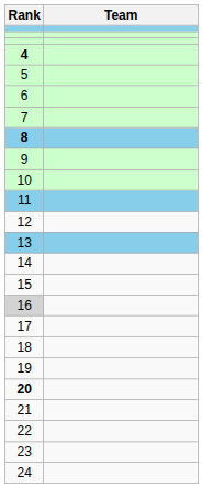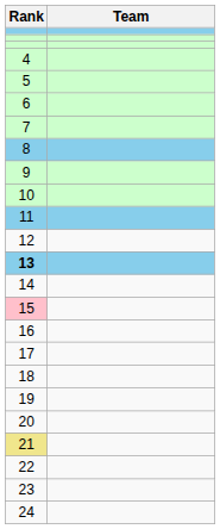 <table class="wikitable" style="text-align: center;">
 <tr>
 <th style="width: 40px;">Rank</th>
 <th style="width: 180px;">Team</th>
 </tr>
 <tr bgcolor=#87ceeb>
 <td></td>
 <td style="text-align: left;"></td>
 </tr>
 <tr bgcolor=#ccffcc>
 <td></td>
 <td style="text-align: left;"></td>
 </tr>
 <tr bgcolor=#ccffcc>
 <td></td>
 <td style="text-align: left;"></td>
 </tr>
 <tr bgcolor=#ccffcc>
-<td><strong>4</strong></td>
+<td>4</td>
 <td style="text-align: left;"></td>
 </tr>
 <tr bgcolor=#ccffcc>
 <td>5</td>
 <td style="text-align: left;"></td>
 </tr>
 <tr bgcolor=#ccffcc>
 <td>6</td>
 <td style="text-align: left;"></td>
 </tr>
 <tr bgcolor=#ccffcc>
 <td>7</td>
 <td style="text-align: left;"></td>
 </tr>
 <tr bgcolor=#87ceeb>
-<td><strong>8</strong></td>
+<td>8</td>
 <td style="text-align: left;"></td>
 </tr>
 <tr bgcolor=#ccffcc>
 <td>9</td>
 <td style="text-align: left;"></td>
 </tr>
 <tr bgcolor=#ccffcc>
 <td>10</td>
 <td style="text-align: left;"></td>
 </tr>
 <tr bgcolor=#87ceeb>
 <td>11</td>
 <td style="text-align: left;"></td>
 </tr>
 <tr>
 <td>12</td>
 <td style="text-align: left;"></td>
 </tr>
 <tr bgcolor=#87ceeb>
-<td>13</td>
+<td><strong>13</strong></td>
 <td style="text-align: left;"></td>
 </tr>
 <tr>
 <td>14</td>
 <td style="text-align: left;"></td>
 </tr>
 <tr>
-<td>15</td>
+<td style="background: pink;">15</td>
 <td style="text-align: left;"></td>
 </tr>
 <tr>
-<td style="background: lightgrey;">16</td>
+<td>16</td>
 <td style="text-align: left;"></td>
 </tr>
 <tr>
 <td>17</td>
 <td style="text-align: left;"></td>
 </tr>
 <tr>
 <td>18</td>
 <td style="text-align: left;"></td>
 </tr>
 <tr>
 <td>19</td>
 <td style="text-align: left;"></td>
 </tr>
 <tr>
-<td><strong>20</strong></td>
+<td>20</td>
 <td style="text-align: left;"></td>
 </tr>
 <tr>
-<td>21</td>
+<td style="background: khaki;">21</td>
 <td style="text-align: left;"></td>
 </tr>
 <tr>
 <td>22</td>
 <td style="text-align: left;"></td>
 </tr>
 <tr>
 <td>23</td>
 <td style="text-align: left;"></td>
 </tr>
 <tr>
 <td>24</td>
 <td style="text-align: left;"></td>
 </tr>
 </table>
